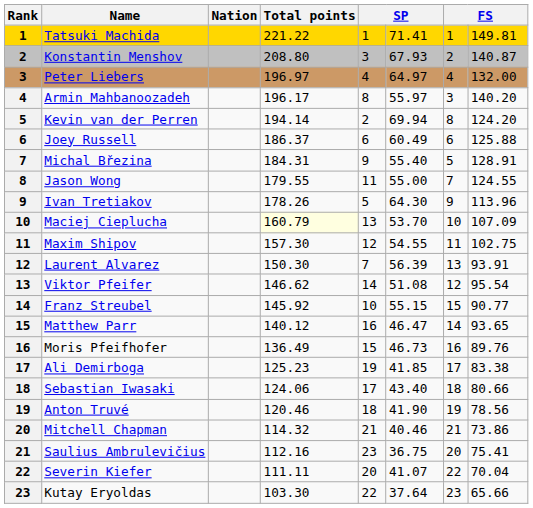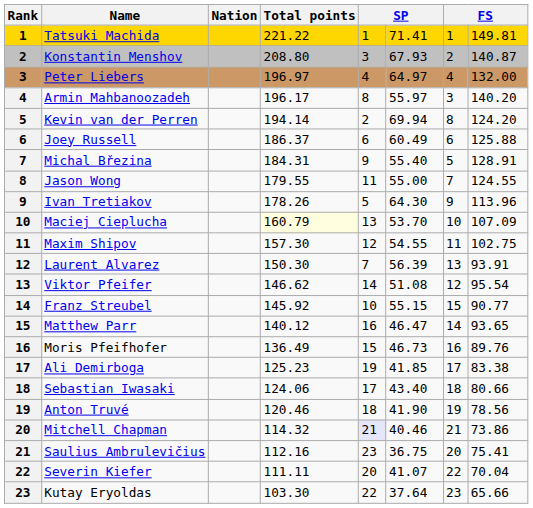 <table class="wikitable">
 <tr>
 <th>Rank</th>
 <th>Name</th>
 <th>Nation</th>
 <th>Total points</th>
 <th colspan="2" width="80px"><a href='#'>SP</a></th>
 <th colspan="2" width="80px"><a href='#'>FS</a></th>
 </tr>
 <tr bgcolor="gold">
 <td align="center"><strong>1</strong></td>
 <td><a href='#'>Tatsuki Machida</a></td>
 <td></td>
 <td>221.22</td>
 <td>1</td>
 <td>71.41</td>
 <td>1</td>
 <td>149.81</td>
 </tr>
 <tr bgcolor="silver">
 <td align="center"><strong>2</strong></td>
 <td><a href='#'>Konstantin Menshov</a></td>
 <td></td>
 <td>208.80</td>
 <td>3</td>
 <td>67.93</td>
 <td>2</td>
 <td>140.87</td>
 </tr>
 <tr bgcolor="cc9966">
 <td align="center"><strong>3</strong></td>
 <td><a href='#'>Peter Liebers</a></td>
 <td></td>
 <td>196.97</td>
 <td>4</td>
 <td>64.97</td>
 <td>4</td>
 <td>132.00</td>
 </tr>
 <tr>
 <th>4</th>
 <td><a href='#'>Armin Mahbanoozadeh</a></td>
 <td></td>
 <td>196.17</td>
 <td>8</td>
 <td>55.97</td>
 <td>3</td>
 <td>140.20</td>
 </tr>
 <tr>
 <th>5</th>
 <td><a href='#'>Kevin van der Perren</a></td>
 <td></td>
 <td>194.14</td>
 <td>2</td>
 <td>69.94</td>
 <td>8</td>
 <td>124.20</td>
 </tr>
 <tr>
 <th>6</th>
 <td><a href='#'>Joey Russell</a></td>
 <td></td>
 <td>186.37</td>
 <td>6</td>
 <td>60.49</td>
 <td>6</td>
 <td>125.88</td>
 </tr>
 <tr>
 <th>7</th>
 <td><a href='#'>Michal Březina</a></td>
 <td></td>
 <td>184.31</td>
 <td>9</td>
 <td>55.40</td>
 <td>5</td>
 <td>128.91</td>
 </tr>
 <tr>
 <th>8</th>
 <td><a href='#'>Jason Wong</a></td>
 <td></td>
 <td>179.55</td>
 <td>11</td>
 <td>55.00</td>
 <td>7</td>
 <td>124.55</td>
 </tr>
 <tr>
 <th>9</th>
 <td><a href='#'>Ivan Tretiakov</a></td>
 <td></td>
 <td>178.26</td>
 <td>5</td>
 <td>64.30</td>
 <td>9</td>
 <td>113.96</td>
 </tr>
 <tr>
 <th>10</th>
 <td><a href='#'>Maciej Cieplucha</a></td>
 <td></td>
 <td style="background: lightyellow;">160.79</td>
 <td>13</td>
 <td>53.70</td>
 <td>10</td>
 <td>107.09</td>
 </tr>
 <tr>
 <th>11</th>
 <td><a href='#'>Maxim Shipov</a></td>
 <td></td>
 <td>157.30</td>
 <td>12</td>
 <td>54.55</td>
 <td>11</td>
 <td>102.75</td>
 </tr>
 <tr>
 <th>12</th>
 <td><a href='#'>Laurent Alvarez</a></td>
 <td></td>
 <td>150.30</td>
 <td>7</td>
 <td>56.39</td>
 <td>13</td>
 <td>93.91</td>
 </tr>
 <tr>
 <th>13</th>
 <td><a href='#'>Viktor Pfeifer</a></td>
 <td></td>
 <td>146.62</td>
 <td>14</td>
 <td>51.08</td>
 <td>12</td>
 <td>95.54</td>
 </tr>
 <tr>
 <th>14</th>
 <td><a href='#'>Franz Streubel</a></td>
 <td></td>
 <td>145.92</td>
 <td>10</td>
 <td>55.15</td>
 <td>15</td>
 <td>90.77</td>
 </tr>
 <tr>
 <th>15</th>
 <td><a href='#'>Matthew Parr</a></td>
 <td></td>
 <td>140.12</td>
 <td>16</td>
 <td>46.47</td>
 <td>14</td>
 <td>93.65</td>
 </tr>
 <tr>
 <th>16</th>
 <td>Moris Pfeifhofer</td>
 <td></td>
 <td>136.49</td>
 <td>15</td>
 <td>46.73</td>
 <td>16</td>
 <td>89.76</td>
 </tr>
 <tr>
 <th>17</th>
 <td><a href='#'>Ali Demirboga</a></td>
 <td></td>
 <td>125.23</td>
 <td>19</td>
 <td>41.85</td>
 <td>17</td>
 <td>83.38</td>
 </tr>
 <tr>
 <th>18</th>
 <td><a href='#'>Sebastian Iwasaki</a></td>
 <td></td>
 <td>124.06</td>
 <td>17</td>
 <td>43.40</td>
 <td>18</td>
 <td>80.66</td>
 </tr>
 <tr>
 <th>19</th>
 <td><a href='#'>Anton Truvé</a></td>
 <td></td>
 <td>120.46</td>
 <td>18</td>
 <td>41.90</td>
 <td>19</td>
 <td>78.56</td>
 </tr>
 <tr>
 <th>20</th>
 <td><a href='#'>Mitchell Chapman</a></td>
 <td></td>
 <td>114.32</td>
-<td>21</td>
+<td style="background: lavender;">21</td>
 <td>40.46</td>
 <td>21</td>
 <td>73.86</td>
 </tr>
 <tr>
 <th>21</th>
 <td><a href='#'>Saulius Ambrulevičius</a></td>
 <td></td>
 <td>112.16</td>
 <td>23</td>
 <td>36.75</td>
 <td>20</td>
 <td>75.41</td>
 </tr>
 <tr>
 <th>22</th>
 <td><a href='#'>Severin Kiefer</a></td>
 <td></td>
 <td>111.11</td>
 <td>20</td>
 <td>41.07</td>
 <td>22</td>
 <td>70.04</td>
 </tr>
 <tr>
 <th>23</th>
 <td>Kutay Eryoldas</td>
 <td></td>
 <td>103.30</td>
 <td>22</td>
 <td>37.64</td>
 <td>23</td>
 <td>65.66</td>
 </tr>
 </table>
